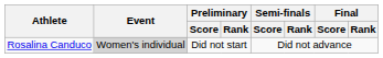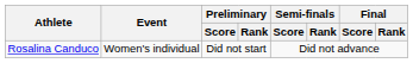 <table class="wikitable" style="font-size:90%; text-align:center">
 <tr>
 <th rowspan="2">Athlete</th>
 <th rowspan="2">Event</th>
 <th colspan="2">Preliminary</th>
 <th colspan="2">Semi-finals</th>
 <th colspan="2">Final</th>
 </tr>
 <tr>
 <th>Score</th>
 <th>Rank</th>
 <th>Score</th>
 <th>Rank</th>
 <th>Score</th>
 <th>Rank</th>
 </tr>
 <tr>
 <td align="left"><a href='#'>Rosalina Canduco</a></td>
-<td align="left" style="background: lightgrey;">Women's individual</td>
+<td align="left">Women's individual</td>
 <td colspan=2>Did not start</td>
 <td colspan=4>Did not advance</td>
 </tr>
 </table>
